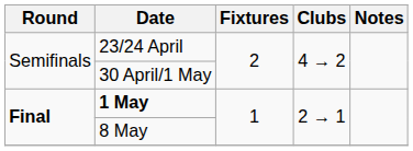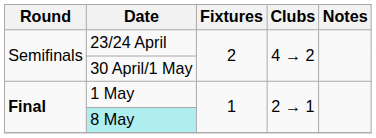 <table class="wikitable">
 <tr>
 <th>Round</th>
 <th>Date</th>
 <th>Fixtures</th>
 <th>Clubs</th>
 <th>Notes</th>
 </tr>
 <tr>
 <td rowspan="2">Semifinals</td>
 <td>23/24 April</td>
 <td rowspan="2" align="center">2</td>
 <td rowspan="2" align="center">4 → 2</td>
 <td rowspan="2" align="center"></td>
 </tr>
 <tr>
 <td>30 April/1 May</td>
 </tr>
 <tr>
 <td rowspan="2"><strong>Final</strong></td>
-<td><strong>1 May</strong></td>
+<td>1 May</td>
 <td rowspan="2" align="center">1</td>
 <td rowspan="2" align="center">2 → 1</td>
 <td rowspan="2" align="center"></td>
 </tr>
 <tr>
-<td>8 May</td>
+<td style="background: paleturquoise;">8 May</td>
 </tr>
 <tr>
 </tr>
 </table>
